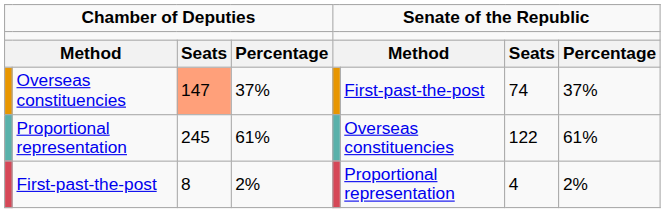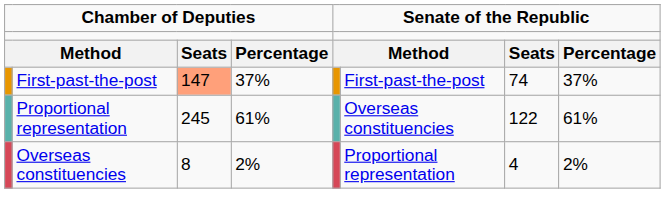 <table class="wikitable" style="text-align:left">
 <tr>
 <td colspan="4" align="center"><strong>Chamber of Deputies</strong></td>
 <td colspan="4" align="center"><strong>Senate of the Republic</strong></td>
 </tr>
 <tr>
 <td colspan="4" align="center"></td>
 <td colspan="4" align="center"></td>
 </tr>
 <tr>
 <th colspan="2" align="left">Method</th>
 <th align="left">Seats</th>
 <th align="left">Percentage</th>
 <th colspan="2" align="left">Method</th>
 <th align="left">Seats</th>
 <th align="left">Percentage</th>
 </tr>
 <tr>
 <td bgcolor="#E89600"></td>
-<td><a href='#'>Overseas constituencies</a></td>
+<td><a href='#'>First-past-the-post</a></td>
 <td style="background: lightsalmon;">147</td>
 <td>37%</td>
 <td bgcolor="#E89600"></td>
 <td><a href='#'>First-past-the-post</a></td>
 <td>74</td>
 <td>37%</td>
 </tr>
 <tr>
 <td bgcolor="#59B1AA"></td>
 <td><a href='#'>Proportional representation</a></td>
 <td>245</td>
 <td>61%</td>
 <td bgcolor="#59B1AA"></td>
 <td><a href='#'>Overseas constituencies</a></td>
 <td>122</td>
 <td>61%</td>
 </tr>
 <tr>
 <td bgcolor="#D64757"></td>
-<td><a href='#'>First-past-the-post</a></td>
+<td><a href='#'>Overseas constituencies</a></td>
 <td>8</td>
 <td>2%</td>
 <td bgcolor="#D64757"></td>
 <td><a href='#'>Proportional representation</a></td>
 <td>4</td>
 <td>2%</td>
 </tr>
 </table>
